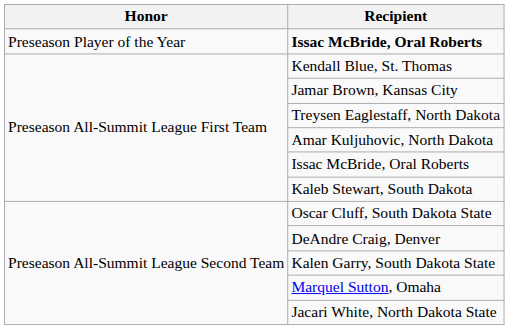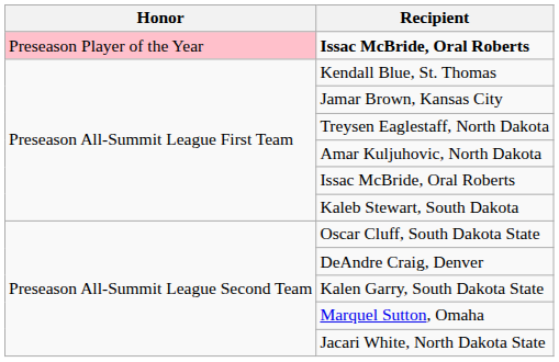 <table class="wikitable" border="1">
 <tr>
 <th>Honor</th>
 <th>Recipient</th>
 </tr>
 <tr>
-<td>Preseason Player of the Year</td>
+<td style="background: pink;">Preseason Player of the Year</td>
 <td><strong>Issac McBride, Oral Roberts</strong></td>
 </tr>
 <tr>
 <td rowspan=6>Preseason All-Summit League First Team</td>
 <td>Kendall Blue, St. Thomas</td>
 </tr>
 <tr>
 <td>Jamar Brown, Kansas City</td>
 </tr>
 <tr>
 <td>Treysen Eaglestaff, North Dakota</td>
 </tr>
 <tr>
 <td>Amar Kuljuhovic, North Dakota</td>
 </tr>
 <tr>
 <td>Issac McBride, Oral Roberts</td>
 </tr>
 <tr>
 <td>Kaleb Stewart, South Dakota</td>
 </tr>
 <tr>
 <td rowspan=5>Preseason All-Summit League Second Team</td>
 <td>Oscar Cluff, South Dakota State</td>
 </tr>
 <tr>
 <td>DeAndre Craig, Denver</td>
 </tr>
 <tr>
 <td>Kalen Garry, South Dakota State</td>
 </tr>
 <tr>
 <td><a href='#'>Marquel Sutton</a>, Omaha</td>
 </tr>
 <tr>
 <td>Jacari White, North Dakota State</td>
 </tr>
 </table>
